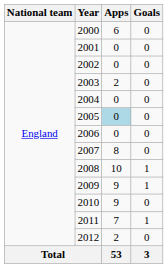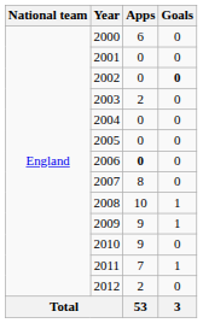 <table class="wikitable" style="text-align: center">
 <tr>
 <th>National team</th>
 <th>Year</th>
 <th>Apps</th>
 <th>Goals</th>
 </tr>
 <tr>
 <td rowspan="13"><a href='#'>England</a></td>
 <td>2000</td>
 <td>6</td>
 <td>0</td>
 </tr>
 <tr>
 <td>2001</td>
 <td>0</td>
 <td>0</td>
 </tr>
 <tr>
 <td>2002</td>
 <td>0</td>
-<td>0</td>
+<td><strong>0</strong></td>
 </tr>
 <tr>
 <td>2003</td>
 <td>2</td>
 <td>0</td>
 </tr>
 <tr>
 <td>2004</td>
 <td>0</td>
 <td>0</td>
 </tr>
 <tr>
 <td>2005</td>
-<td style="background: lightblue;">0</td>
+<td>0</td>
 <td>0</td>
 </tr>
 <tr>
 <td>2006</td>
-<td>0</td>
+<td><strong>0</strong></td>
 <td>0</td>
 </tr>
 <tr>
 <td>2007</td>
 <td>8</td>
 <td>0</td>
 </tr>
 <tr>
 <td>2008</td>
 <td>10</td>
 <td>1</td>
 </tr>
 <tr>
 <td>2009</td>
 <td>9</td>
 <td>1</td>
 </tr>
 <tr>
 <td>2010</td>
 <td>9</td>
 <td>0</td>
 </tr>
 <tr>
 <td>2011</td>
 <td>7</td>
 <td>1</td>
 </tr>
 <tr>
 <td>2012</td>
 <td>2</td>
 <td>0</td>
 </tr>
 <tr>
 <th colspan="2">Total</th>
 <th>53</th>
 <th>3</th>
 </tr>
 </table>
